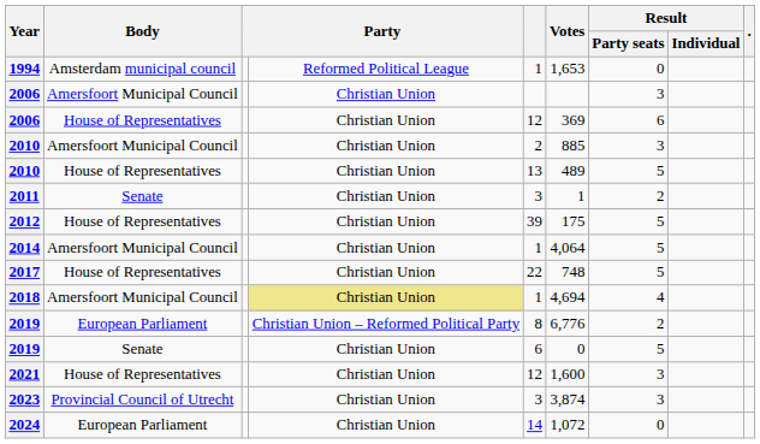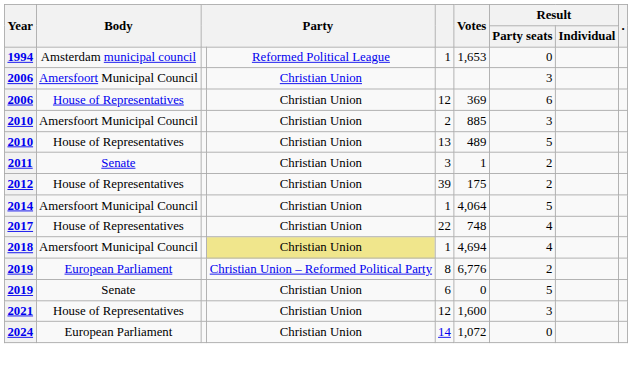 <table class="wikitable plainrowheaders sortable" border=2 cellpadding=4 cellspacing=0 style="border: 1px #aaa solid; font-size: 90%; text-align:center;">
 <tr>
 <th scope="col" rowspan=2>Year</th>
 <th scope="col" rowspan=2>Body</th>
 <th scope="col" colspan=2 rowspan=2>Party</th>
 <th scope="col" rowspan=2></th>
 <th scope="col" rowspan=2>Votes</th>
 <th scope="colgroup" colspan=2>Result</th>
 <th scope="col" rowspan=2 class="unsortable">.</th>
 </tr>
 <tr>
 <th scope="col">Party seats</th>
 <th scope="col">Individual</th>
 </tr>
 <tr>
 <th scope="row"><a href='#'>1994</a></th>
 <td>Amsterdam <a href='#'>municipal council</a></td>
 <td style="background-color:"></td>
 <td><a href='#'>Reformed Political League</a></td>
 <td style=text-align:right>1</td>
 <td style=text-align:right>1,653</td>
 <td style=text-align:right>0</td>
 <td></td>
 <td></td>
 </tr>
 <tr>
 <th scope="row"><a href='#'>2006</a></th>
 <td><a href='#'>Amersfoort</a> Municipal Council</td>
 <td style="background-color:"></td>
 <td><a href='#'>Christian Union</a></td>
 <td style=text-align:right></td>
 <td style=text-align:right></td>
 <td style=text-align:right>3</td>
 <td></td>
 <td></td>
 </tr>
 <tr>
 <th scope="row"><a href='#'>2006</a></th>
 <td><a href='#'>House of Representatives</a></td>
 <td style="background-color:"></td>
 <td>Christian Union</td>
 <td style=text-align:right>12</td>
 <td style=text-align:right>369</td>
 <td style=text-align:right>6</td>
 <td></td>
 <td></td>
 </tr>
 <tr>
 <th scope="row"><a href='#'>2010</a></th>
 <td>Amersfoort Municipal Council</td>
 <td style="background-color:"></td>
 <td>Christian Union</td>
 <td style=text-align:right>2</td>
 <td style=text-align:right>885</td>
 <td style=text-align:right>3</td>
 <td></td>
 <td></td>
 </tr>
 <tr>
 <th scope="row"><a href='#'>2010</a></th>
 <td>House of Representatives</td>
 <td style="background-color:"></td>
 <td>Christian Union</td>
 <td style=text-align:right>13</td>
 <td style=text-align:right>489</td>
 <td style=text-align:right>5</td>
 <td></td>
 <td></td>
 </tr>
 <tr>
 <th scope="row"><a href='#'>2011</a></th>
 <td><a href='#'>Senate</a></td>
 <td style="background-color:"></td>
 <td>Christian Union</td>
 <td style=text-align:right>3</td>
 <td style=text-align:right>1</td>
 <td style=text-align:right>2</td>
 <td></td>
 <td></td>
 </tr>
 <tr>
 <th scope="row"><a href='#'>2012</a></th>
 <td>House of Representatives</td>
 <td style="background-color:"></td>
 <td>Christian Union</td>
 <td style=text-align:right>39</td>
 <td style=text-align:right>175</td>
-<td style=text-align:right>5</td>
+<td style=text-align:right>2</td>
 <td></td>
 <td></td>
 </tr>
 <tr>
 <th scope="row"><a href='#'>2014</a></th>
 <td>Amersfoort Municipal Council</td>
 <td style="background-color:"></td>
 <td>Christian Union</td>
 <td style=text-align:right>1</td>
 <td style=text-align:right>4,064</td>
 <td style=text-align:right>5</td>
 <td></td>
 <td></td>
 </tr>
 <tr>
 <th scope="row"><a href='#'>2017</a></th>
 <td>House of Representatives</td>
 <td style="background-color:"></td>
 <td>Christian Union</td>
 <td style=text-align:right>22</td>
 <td style=text-align:right>748</td>
-<td style=text-align:right>5</td>
+<td style=text-align:right>4</td>
 <td></td>
 <td></td>
 </tr>
 <tr>
 <th scope="row"><a href='#'>2018</a></th>
 <td>Amersfoort Municipal Council</td>
 <td style="background-color:"></td>
 <td style="background: khaki;">Christian Union</td>
 <td style=text-align:right>1</td>
 <td style=text-align:right>4,694</td>
 <td style=text-align:right>4</td>
 <td></td>
 <td></td>
 </tr>
 <tr>
 <th scope="row"><a href='#'>2019</a></th>
 <td><a href='#'>European Parliament</a></td>
 <td style="background-color:"></td>
 <td><a href='#'>Christian Union – Reformed Political Party</a></td>
 <td style=text-align:right>8</td>
 <td style=text-align:right>6,776</td>
 <td style=text-align:right>2</td>
 <td></td>
 <td></td>
 </tr>
 <tr>
 <th scope="row"><a href='#'>2019</a></th>
 <td>Senate</td>
 <td style="background-color:"></td>
 <td>Christian Union</td>
 <td style=text-align:right>6</td>
 <td style=text-align:right>0</td>
 <td style=text-align:right>5</td>
 <td></td>
 <td></td>
 </tr>
 <tr>
 <th scope="row"><a href='#'>2021</a></th>
 <td>House of Representatives</td>
 <td style="background-color:"></td>
 <td>Christian Union</td>
 <td style=text-align:right>12</td>
 <td style=text-align:right>1,600</td>
 <td style=text-align:right>3</td>
 <td></td>
 <td></td>
 </tr>
 <tr>
-<th scope="row"><a href='#'>2023</a></th>
-<td><a href='#'>Provincial Council of Utrecht</a></td>
-<td style="background-color:"></td>
-<td>Christian Union</td>
-<td style=text-align:right>3</td>
-<td style=text-align:right>3,874</td>
-<td style=text-align:right>3</td>
-<td></td>
-<td></td>
-</tr>
-<tr>
 <th scope="row"><a href='#'>2024</a></th>
 <td>European Parliament</td>
 <td style="background-color:"></td>
 <td>Christian Union</td>
 <td style=text-align:right><a href='#'>14</a></td>
 <td style=text-align:right>1,072</td>
 <td style=text-align:right>0</td>
 <td></td>
 <td></td>
 </tr>
 </table>
